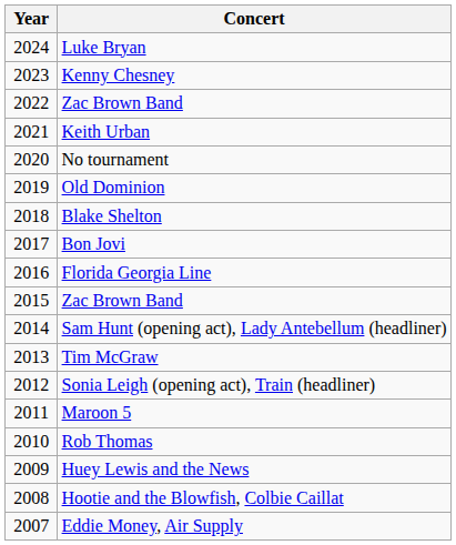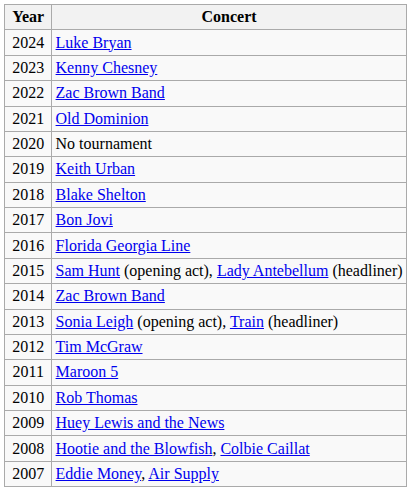 <table class=wikitable>
 <tr>
 <th>Year</th>
 <th align=center>Concert</th>
 </tr>
 <tr>
 <td align=center>2024</td>
 <td><a href='#'>Luke Bryan</a></td>
 </tr>
 <tr>
 <td align=center>2023</td>
 <td><a href='#'>Kenny Chesney</a></td>
 </tr>
 <tr>
 <td align=center>2022</td>
 <td><a href='#'>Zac Brown Band</a></td>
 </tr>
 <tr>
 <td align=center>2021</td>
-<td><a href='#'>Keith Urban</a></td>
+<td><a href='#'>Old Dominion</a></td>
 </tr>
 <tr>
 <td align=center>2020</td>
 <td>No tournament</td>
 </tr>
 <tr>
 <td align=center>2019</td>
-<td><a href='#'>Old Dominion</a></td>
+<td><a href='#'>Keith Urban</a></td>
 </tr>
 <tr>
 <td align=center>2018</td>
 <td><a href='#'>Blake Shelton</a></td>
 </tr>
 <tr>
 <td align=center>2017</td>
 <td><a href='#'>Bon Jovi</a></td>
 </tr>
 <tr>
 <td align=center>2016</td>
 <td><a href='#'>Florida Georgia Line</a></td>
 </tr>
 <tr>
 <td align=center>2015</td>
+<td><a href='#'>Sam Hunt</a> (opening act), <a href='#'>Lady Antebellum</a> (headliner)</td>
+</tr>
+<tr>
+<td align=center>2014</td>
 <td><a href='#'>Zac Brown Band</a></td>
 </tr>
 <tr>
-<td align=center>2014</td>
-<td><a href='#'>Sam Hunt</a> (opening act), <a href='#'>Lady Antebellum</a> (headliner)</td>
-</tr>
-<tr>
 <td align=center>2013</td>
-<td><a href='#'>Tim McGraw</a></td>
+<td><a href='#'>Sonia Leigh</a> (opening act), <a href='#'>Train</a> (headliner)</td>
 </tr>
 <tr>
 <td align=center>2012</td>
-<td><a href='#'>Sonia Leigh</a> (opening act), <a href='#'>Train</a> (headliner)</td>
+<td><a href='#'>Tim McGraw</a></td>
 </tr>
 <tr>
 <td align=center>2011</td>
 <td><a href='#'>Maroon 5</a></td>
 </tr>
 <tr>
 <td align=center>2010</td>
 <td><a href='#'>Rob Thomas</a></td>
 </tr>
 <tr>
 <td align=center>2009</td>
 <td><a href='#'>Huey Lewis and the News</a></td>
 </tr>
 <tr>
 <td align=center>2008</td>
 <td><a href='#'>Hootie and the Blowfish</a>, <a href='#'>Colbie Caillat</a></td>
 </tr>
 <tr>
 <td align=center> 2007 </td>
 <td><a href='#'>Eddie Money</a>, <a href='#'>Air Supply</a></td>
 </tr>
 </table>
